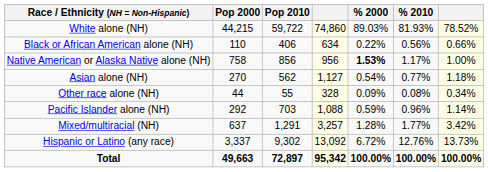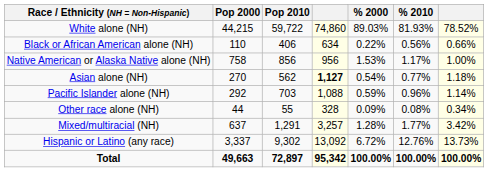 <table class="wikitable" style="text-align:center;">
 <tr>
 <th>Race / Ethnicity <small>(<em>NH = Non-Hispanic</em>)</small></th>
 <th>Pop 2000</th>
 <th>Pop 2010</th>
 <th></th>
 <th>% 2000</th>
 <th>% 2010</th>
 <th></th>
 </tr>
 <tr>
 <td><a href='#'>White</a> alone (NH)</td>
 <td>44,215</td>
 <td>59,722</td>
 <td style='background: #ffffe6;'>74,860</td>
 <td>89.03%</td>
 <td>81.93%</td>
 <td style='background: #ffffe6;'>78.52%</td>
 </tr>
 <tr>
 <td><a href='#'>Black or African American</a> alone (NH)</td>
 <td>110</td>
 <td>406</td>
 <td style='background: #ffffe6;'>634</td>
 <td>0.22%</td>
 <td>0.56%</td>
 <td style='background: #ffffe6;'>0.66%</td>
 </tr>
 <tr>
 <td><a href='#'>Native American</a> or <a href='#'>Alaska Native</a> alone (NH)</td>
 <td>758</td>
 <td>856</td>
 <td style='background: #ffffe6;'>956</td>
-<td><strong>1.53%</strong></td>
+<td>1.53%</td>
 <td>1.17%</td>
 <td style='background: #ffffe6;'>1.00%</td>
 </tr>
 <tr>
 <td><a href='#'>Asian</a> alone (NH)</td>
 <td>270</td>
 <td>562</td>
-<td style='background: #ffffe6;'>1,127</td>
+<td style='background: #ffffe6;'><strong>1,127</strong></td>
 <td>0.54%</td>
 <td>0.77%</td>
 <td style='background: #ffffe6;'>1.18%</td>
+</tr>
+<tr>
+<td><a href='#'>Pacific Islander</a> alone (NH)</td>
+<td>292</td>
+<td>703</td>
+<td style='background: #ffffe6;'>1,088</td>
+<td>0.59%</td>
+<td>0.96%</td>
+<td style='background: #ffffe6;'>1.14%</td>
 </tr>
 <tr>
 <td><a href='#'>Other race</a> alone (NH)</td>
 <td>44</td>
 <td>55</td>
 <td style='background: #ffffe6;'>328</td>
 <td>0.09%</td>
 <td>0.08%</td>
 <td style='background: #ffffe6;'>0.34%</td>
-</tr>
-<tr>
-<td><a href='#'>Pacific Islander</a> alone (NH)</td>
-<td>292</td>
-<td>703</td>
-<td style='background: #ffffe6;'>1,088</td>
-<td>0.59%</td>
-<td>0.96%</td>
-<td style='background: #ffffe6;'>1.14%</td>
 </tr>
 <tr>
 <td><a href='#'>Mixed/multiracial</a> (NH)</td>
 <td>637</td>
 <td>1,291</td>
 <td style='background: #ffffe6;'>3,257</td>
 <td>1.28%</td>
 <td>1.77%</td>
 <td style='background: #ffffe6;'>3.42%</td>
 </tr>
 <tr>
 <td><a href='#'>Hispanic or Latino</a> (any race)</td>
 <td>3,337</td>
 <td>9,302</td>
 <td style='background: #ffffe6;'>13,092</td>
 <td>6.72%</td>
 <td>12.76%</td>
 <td style='background: #ffffe6;'>13.73%</td>
 </tr>
 <tr>
 <td><strong>Total</strong></td>
 <td><strong>49,663</strong></td>
 <td><strong>72,897</strong></td>
 <td style='background: #ffffe6;'><strong>95,342</strong></td>
 <td><strong>100.00%</strong></td>
 <td><strong>100.00%</strong></td>
 <td style='background: #ffffe6;'><strong>100.00%</strong></td>
 </tr>
 </table>
